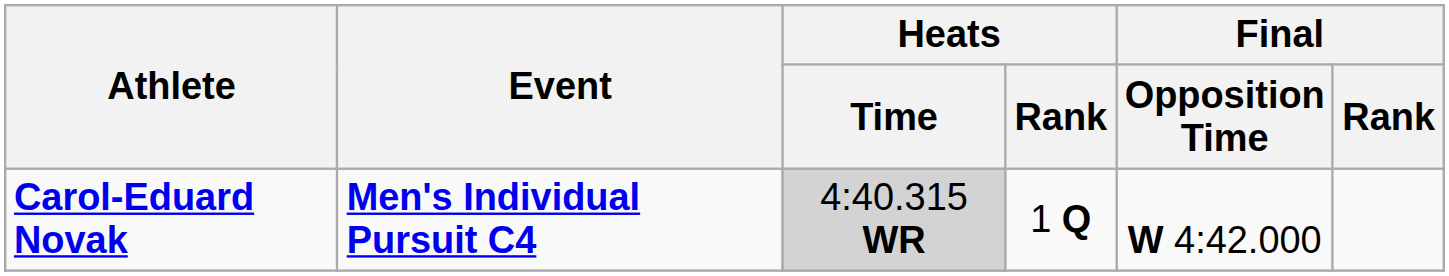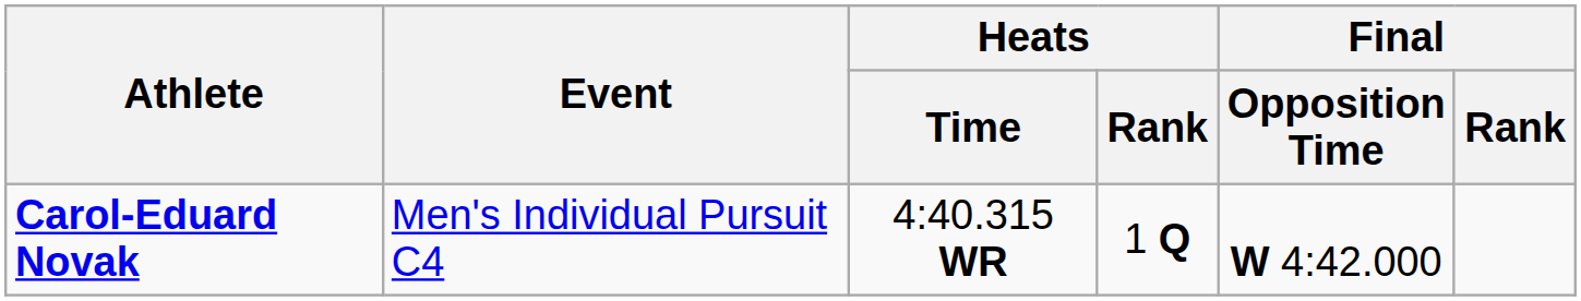 <table class=wikitable>
 <tr>
 <th rowspan="2">Athlete</th>
 <th rowspan="2">Event</th>
 <th colspan="2">Heats</th>
 <th colspan="2">Final</th>
 </tr>
 <tr>
 <th>Time</th>
 <th>Rank</th>
 <th>Opposition<br>Time</th>
 <th>Rank</th>
 </tr>
 <tr align=center>
 <td align=left><strong><a href='#'>Carol-Eduard Novak</a></strong></td>
-<td align=left><strong><a href='#'>Men's Individual Pursuit C4</a></strong></td>
-<td style="background: lightgrey;">4:40.315 <strong>WR</strong></td>
+<td align=left><a href='#'>Men's Individual Pursuit C4</a></td>
+<td>4:40.315 <strong>WR</strong></td>
 <td>1 <strong>Q</strong></td>
 <td><br><strong>W</strong> 4:42.000</td>
 <td></td>
 </tr>
 </table>
